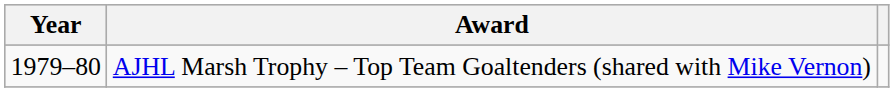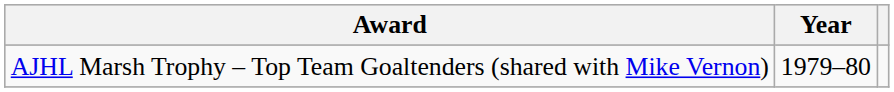 <table class="wikitable">
 <tr>
+<th>Award</th>
 <th>Year</th>
-<th>Award</th>
 <th></th>
 </tr>
 <tr>
+<td><a href='#'>AJHL</a> Marsh Trophy – Top Team Goaltenders (shared with <a href='#'>Mike Vernon</a>)</td>
 <td>1979–80</td>
-<td><a href='#'>AJHL</a> Marsh Trophy – Top Team Goaltenders (shared with <a href='#'>Mike Vernon</a>)</td>
 <td></td>
 </tr>
 </table>
